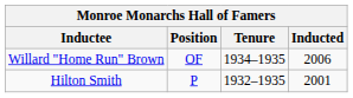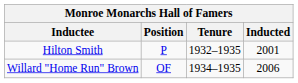 <table class="wikitable" style="text-align:center">
 <tr>
 <th colspan=4>Monroe Monarchs Hall of Famers</th>
 </tr>
 <tr>
 <th>Inductee</th>
 <th>Position</th>
 <th>Tenure</th>
 <th>Inducted</th>
 </tr>
 <tr>
+<td><a href='#'>Hilton Smith</a></td>
+<td><a href='#'>P</a></td>
+<td>1932–1935</td>
+<td>2001</td>
+</tr>
+<tr>
 <td><a href='#'>Willard "Home Run" Brown</a></td>
 <td><a href='#'>OF</a></td>
 <td>1934–1935</td>
 <td>2006</td>
 </tr>
-<tr>
-<td><a href='#'>Hilton Smith</a></td>
-<td><a href='#'>P</a></td>
-<td>1932–1935</td>
-<td>2001</td>
-</tr>
 </table>
